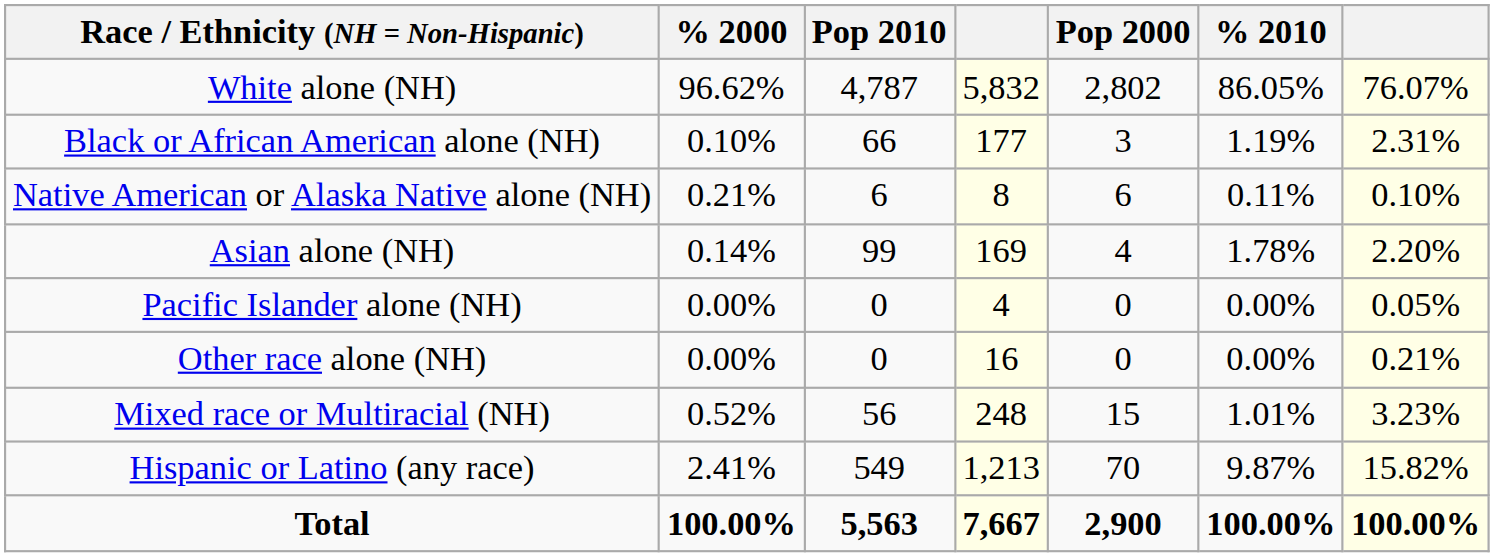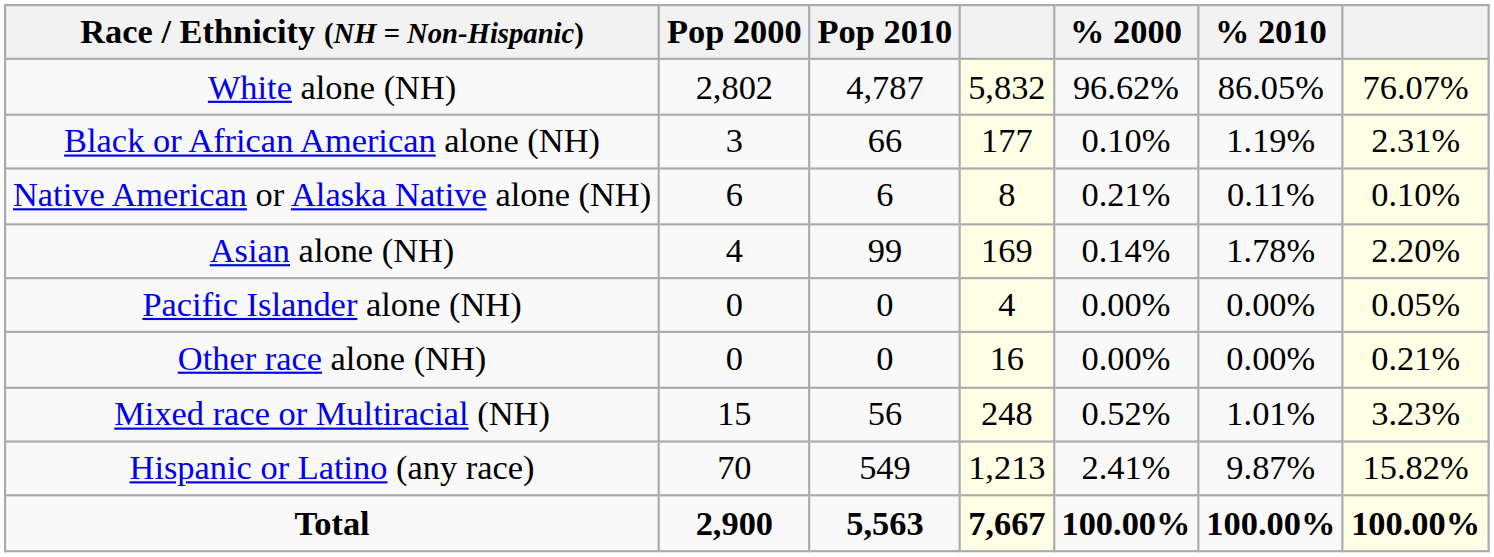 <table class="wikitable" style="text-align:center;">
 <tr>
 <th>Race / Ethnicity <small>(<em>NH = Non-Hispanic</em>)</small></th>
-<th>% 2000</th>
+<th>Pop 2000</th>
 <th>Pop 2010</th>
 <th></th>
-<th>Pop 2000</th>
+<th>% 2000</th>
 <th>% 2010</th>
 <th></th>
 </tr>
 <tr>
 <td><a href='#'>White</a> alone (NH)</td>
-<td>96.62%</td>
+<td>2,802</td>
 <td>4,787</td>
 <td style='background: #ffffe6;'>5,832</td>
-<td>2,802</td>
+<td>96.62%</td>
 <td>86.05%</td>
 <td style='background: #ffffe6;'>76.07%</td>
 </tr>
 <tr>
 <td><a href='#'>Black or African American</a> alone (NH)</td>
-<td>0.10%</td>
+<td>3</td>
 <td>66</td>
 <td style='background: #ffffe6;'>177</td>
-<td>3</td>
+<td>0.10%</td>
 <td>1.19%</td>
 <td style='background: #ffffe6;'>2.31%</td>
 </tr>
 <tr>
 <td><a href='#'>Native American</a> or <a href='#'>Alaska Native</a> alone (NH)</td>
-<td>0.21%</td>
+<td>6</td>
 <td>6</td>
 <td style='background: #ffffe6;'>8</td>
-<td>6</td>
+<td>0.21%</td>
 <td>0.11%</td>
 <td style='background: #ffffe6;'>0.10%</td>
 </tr>
 <tr>
 <td><a href='#'>Asian</a> alone (NH)</td>
-<td>0.14%</td>
+<td>4</td>
 <td>99</td>
 <td style='background: #ffffe6;'>169</td>
-<td>4</td>
+<td>0.14%</td>
 <td>1.78%</td>
 <td style='background: #ffffe6;'>2.20%</td>
 </tr>
 <tr>
 <td><a href='#'>Pacific Islander</a> alone (NH)</td>
-<td>0.00%</td>
+<td>0</td>
 <td>0</td>
 <td style='background: #ffffe6;'>4</td>
-<td>0</td>
+<td>0.00%</td>
 <td>0.00%</td>
 <td style='background: #ffffe6;'>0.05%</td>
 </tr>
 <tr>
 <td><a href='#'>Other race</a> alone (NH)</td>
-<td>0.00%</td>
+<td>0</td>
 <td>0</td>
 <td style='background: #ffffe6;'>16</td>
-<td>0</td>
+<td>0.00%</td>
 <td>0.00%</td>
 <td style='background: #ffffe6;'>0.21%</td>
 </tr>
 <tr>
 <td><a href='#'>Mixed race or Multiracial</a> (NH)</td>
-<td>0.52%</td>
+<td>15</td>
 <td>56</td>
 <td style='background: #ffffe6;'>248</td>
-<td>15</td>
+<td>0.52%</td>
 <td>1.01%</td>
 <td style='background: #ffffe6;'>3.23%</td>
 </tr>
 <tr>
 <td><a href='#'>Hispanic or Latino</a> (any race)</td>
-<td>2.41%</td>
+<td>70</td>
 <td>549</td>
 <td style='background: #ffffe6;'>1,213</td>
-<td>70</td>
+<td>2.41%</td>
 <td>9.87%</td>
 <td style='background: #ffffe6;'>15.82%</td>
 </tr>
 <tr>
 <td><strong>Total</strong></td>
-<td><strong>100.00%</strong></td>
+<td><strong>2,900</strong></td>
 <td><strong>5,563</strong></td>
 <td style='background: #ffffe6;'><strong>7,667</strong></td>
-<td><strong>2,900</strong></td>
+<td><strong>100.00%</strong></td>
 <td><strong>100.00%</strong></td>
 <td style='background: #ffffe6;'><strong>100.00%</strong></td>
 </tr>
 </table>
